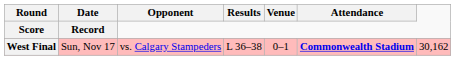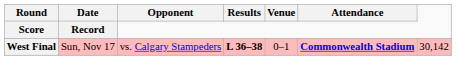 <table class="wikitable" style="text-align:center">
 <tr>
 <th>Round</th>
 <th>Date</th>
 <th>Opponent</th>
 <th>Results</th>
 <th>Venue</th>
 <th>Attendance</th>
 </tr>
 <tr>
 <th>Score</th>
 <th>Record</th>
 </tr>
 <tr style="background:#ffbbbb">
 <th>West Final</th>
 <td>Sun, Nov 17</td>
 <td>vs. <a href='#'>Calgary Stampeders</a></td>
-<td>L 36–38</td>
+<td><strong>L 36–38</strong></td>
 <td>0–1</td>
 <td><strong><a href='#'>Commonwealth Stadium</a></strong></td>
-<td>30,162</td>
+<td>30,142</td>
 </tr>
 </table>
